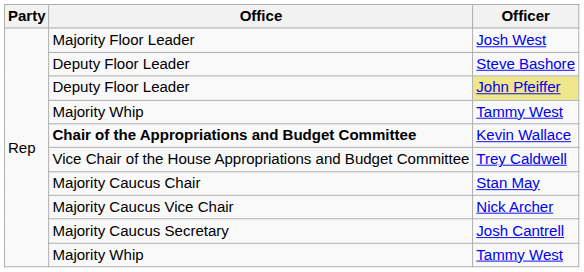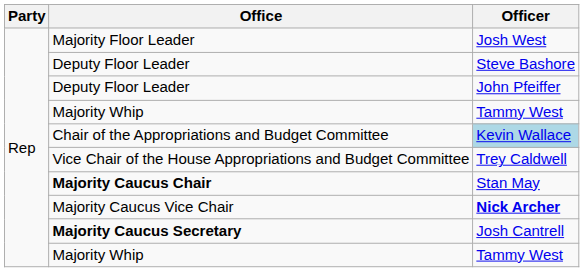 <table class=wikitable>
 <tr>
 <th>Party</th>
 <th>Office</th>
 <th>Officer</th>
 </tr>
 <tr>
 <td rowspan=13 style="background: ">Rep</td>
 <td>Majority Floor Leader</td>
 <td><a href='#'>Josh West</a></td>
 </tr>
 <tr>
 <td>Deputy Floor Leader</td>
 <td><a href='#'>Steve Bashore</a></td>
 </tr>
 <tr>
 <td>Deputy Floor Leader</td>
-<td style="background: khaki;"><a href='#'>John Pfeiffer</a></td>
+<td><a href='#'>John Pfeiffer</a></td>
 </tr>
 <tr>
 <td>Majority Whip</td>
 <td><a href='#'>Tammy West</a></td>
 </tr>
 <tr>
-<td><strong>Chair of the Appropriations and Budget Committee</strong></td>
-<td><a href='#'>Kevin Wallace</a></td>
+<td>Chair of the Appropriations and Budget Committee</td>
+<td style="background: lightblue;"><a href='#'>Kevin Wallace</a></td>
 </tr>
 <tr>
 <td>Vice Chair of the House Appropriations and Budget Committee</td>
 <td><a href='#'>Trey Caldwell</a></td>
 </tr>
 <tr>
-<td>Majority Caucus Chair</td>
+<td><strong>Majority Caucus Chair</strong></td>
 <td><a href='#'>Stan May</a></td>
 </tr>
 <tr>
 <td>Majority Caucus Vice Chair</td>
-<td><a href='#'>Nick Archer</a></td>
+<td><strong><a href='#'>Nick Archer</a></strong></td>
 </tr>
 <tr>
-<td>Majority Caucus Secretary</td>
+<td><strong>Majority Caucus Secretary</strong></td>
 <td><a href='#'>Josh Cantrell</a></td>
 </tr>
 <tr>
 <td>Majority Whip</td>
 <td><a href='#'>Tammy West</a></td>
 </tr>
 </table>
